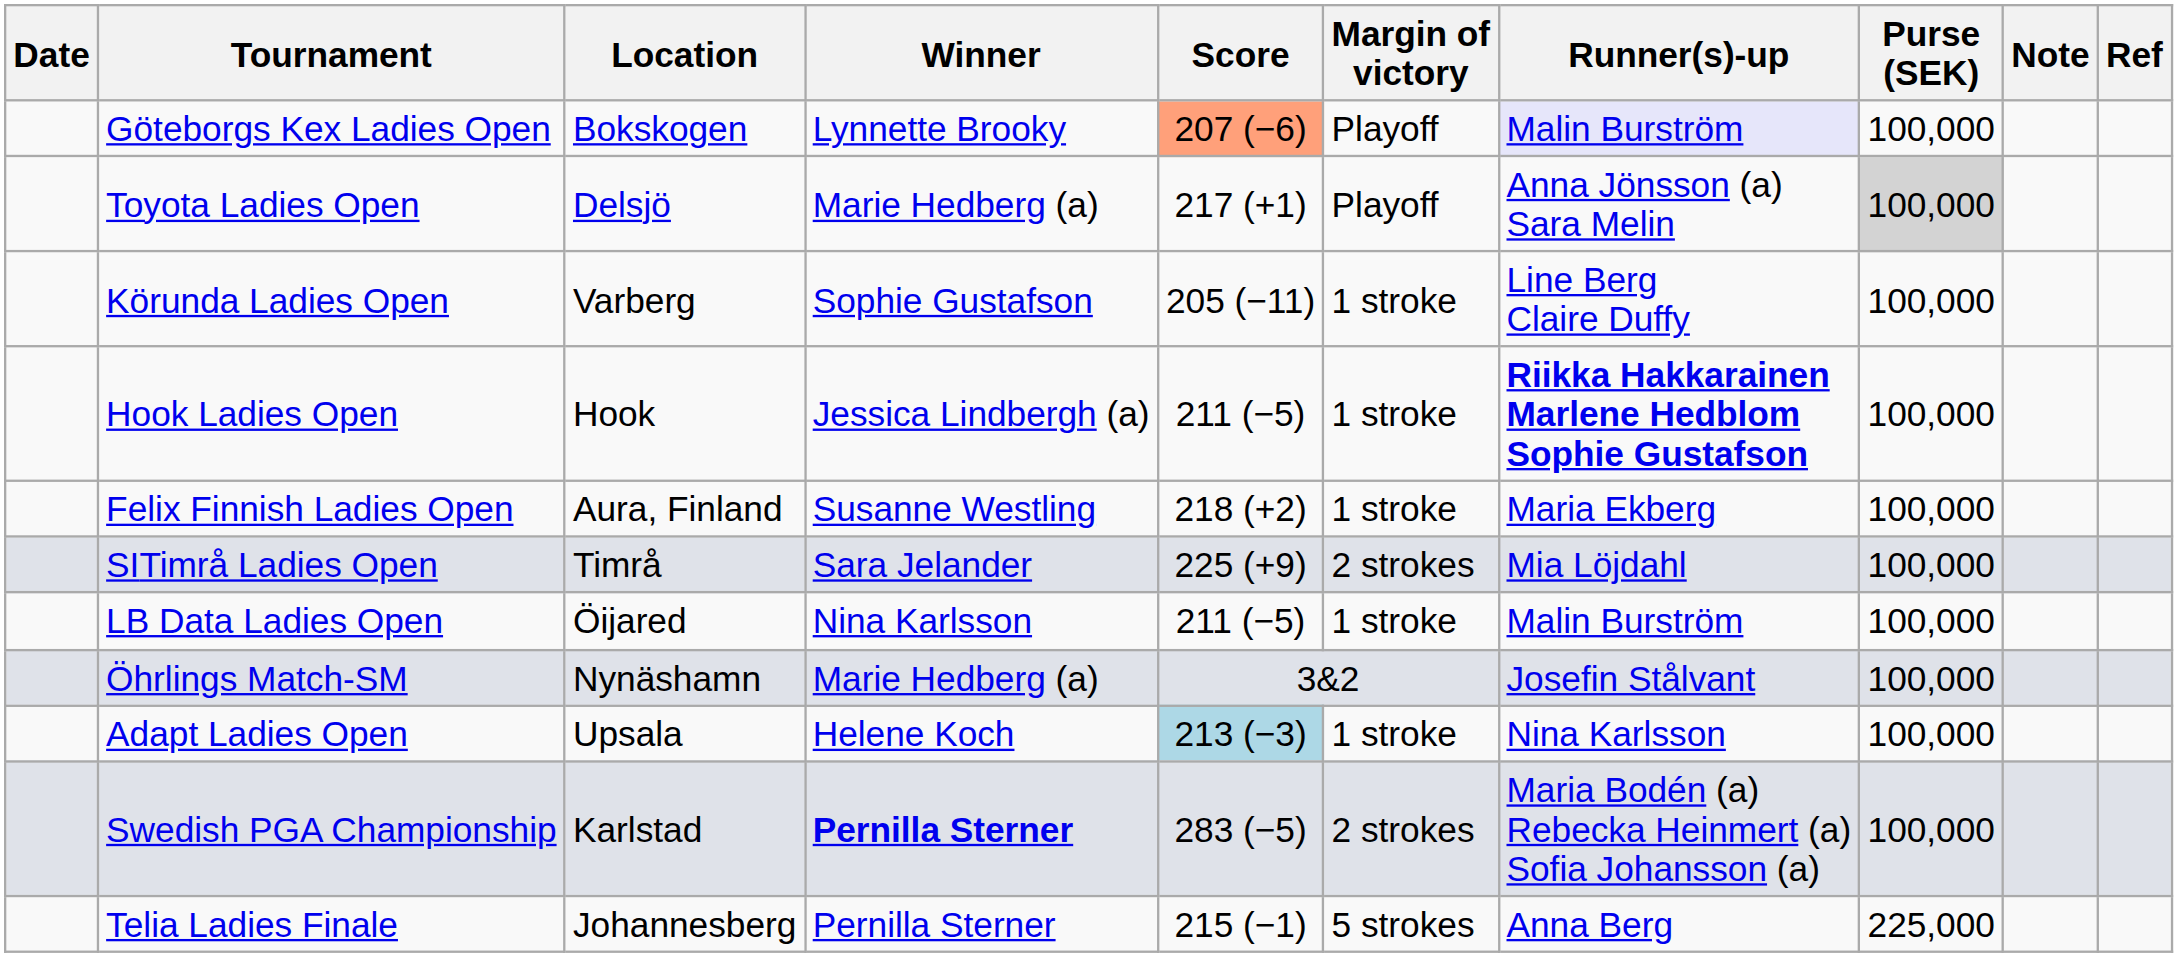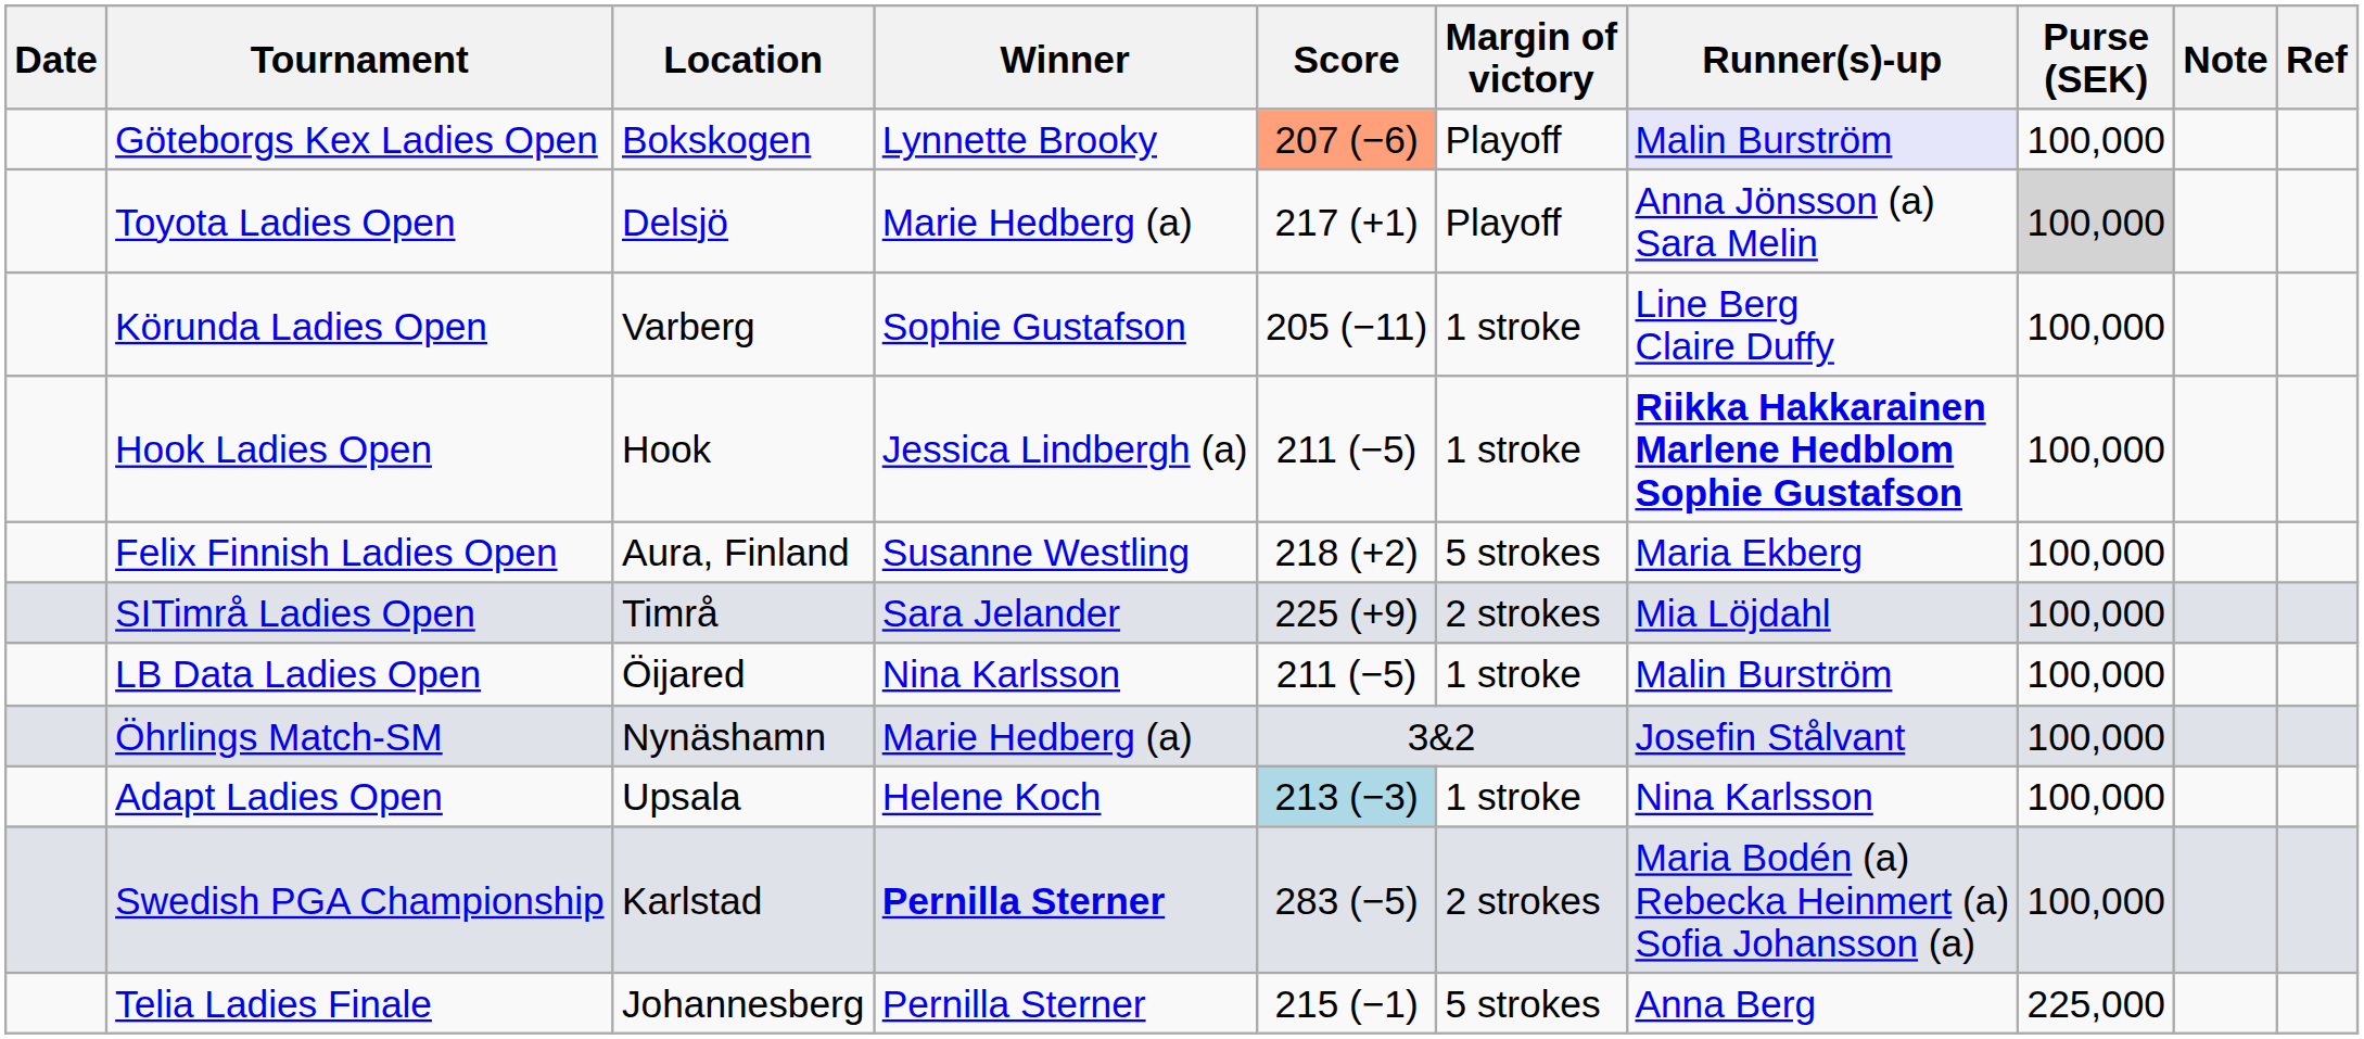 <table class="wikitable" style="font-size:95%;">
 <tr>
 <th>Date</th>
 <th>Tournament</th>
 <th>Location</th>
 <th>Winner</th>
 <th>Score</th>
 <th>Margin of<br>victory</th>
 <th>Runner(s)-up</th>
 <th>Purse<br>(SEK)</th>
 <th>Note</th>
 <th>Ref</th>
 </tr>
 <tr>
 <td></td>
 <td><a href='#'>Göteborgs Kex Ladies Open</a></td>
 <td><a href='#'>Bokskogen</a></td>
 <td> <a href='#'>Lynnette Brooky</a></td>
 <td align=center style="background: lightsalmon;">207 (−6)</td>
 <td>Playoff</td>
 <td style="background: lavender;"> <a href='#'>Malin Burström</a></td>
 <td align=right>100,000</td>
 <td></td>
 <td></td>
 </tr>
 <tr>
 <td></td>
 <td><a href='#'>Toyota Ladies Open</a></td>
 <td><a href='#'>Delsjö</a></td>
 <td> <a href='#'>Marie Hedberg</a> (a)</td>
 <td align=center>217 (+1)</td>
 <td>Playoff</td>
 <td> <a href='#'>Anna Jönsson</a> (a)<br> <a href='#'>Sara Melin</a></td>
 <td align=right style="background: lightgrey;">100,000</td>
 <td></td>
 <td></td>
 </tr>
 <tr>
 <td></td>
 <td><a href='#'>Körunda Ladies Open</a></td>
 <td>Varberg</td>
 <td> <a href='#'>Sophie Gustafson</a></td>
 <td align=center>205 (−11)</td>
 <td>1 stroke</td>
 <td> <a href='#'>Line Berg</a><br> <a href='#'>Claire Duffy</a></td>
 <td align=right>100,000</td>
 <td></td>
 <td></td>
 </tr>
 <tr>
 <td></td>
 <td><a href='#'>Hook Ladies Open</a></td>
 <td>Hook</td>
 <td> <a href='#'>Jessica Lindbergh</a> (a)</td>
 <td align=center>211 (−5)</td>
 <td>1 stroke</td>
 <td><strong> <a href='#'>Riikka Hakkarainen</a><br> <a href='#'>Marlene Hedblom</a><br> <a href='#'>Sophie Gustafson</a></strong></td>
 <td align=right>100,000</td>
 <td></td>
 <td></td>
 </tr>
 <tr>
 <td></td>
 <td><a href='#'>Felix Finnish Ladies Open</a></td>
 <td>Aura, Finland</td>
 <td> <a href='#'>Susanne Westling</a></td>
 <td align=center>218 (+2)</td>
-<td>1 stroke</td>
+<td>5 strokes</td>
 <td> <a href='#'>Maria Ekberg</a></td>
 <td align=right>100,000</td>
 <td></td>
 <td></td>
 </tr>
 <tr style="background:#dfe2e9;">
 <td></td>
 <td><a href='#'>SI</a><a href='#'>Timrå Ladies Open</a></td>
 <td>Timrå</td>
 <td> <a href='#'>Sara Jelander</a></td>
 <td align=center>225 (+9)</td>
 <td>2 strokes</td>
 <td> <a href='#'>Mia Löjdahl</a></td>
 <td align=right>100,000</td>
 <td></td>
 <td></td>
 </tr>
 <tr>
 <td></td>
 <td><a href='#'>LB Data Ladies Open</a></td>
 <td>Öijared</td>
 <td> <a href='#'>Nina Karlsson</a></td>
 <td align=center>211 (−5)</td>
 <td>1 stroke</td>
 <td> <a href='#'>Malin Burström</a></td>
 <td align=right>100,000</td>
 <td></td>
 <td></td>
 </tr>
 <tr style="background:#dfe2e9;">
 <td></td>
 <td><a href='#'>Öhrlings Match-SM</a></td>
 <td>Nynäshamn</td>
 <td> <a href='#'>Marie Hedberg</a> (a)</td>
 <td colspan=2 align=center>3&2</td>
 <td> <a href='#'>Josefin Stålvant</a></td>
 <td align=right>100,000</td>
 <td></td>
 <td></td>
 </tr>
 <tr>
 <td></td>
 <td><a href='#'>Adapt Ladies Open</a></td>
 <td>Upsala</td>
 <td> <a href='#'>Helene Koch</a></td>
 <td align=center style="background: lightblue;">213 (−3)</td>
 <td>1 stroke</td>
 <td> <a href='#'>Nina Karlsson</a></td>
 <td align=right>100,000</td>
 <td></td>
 <td></td>
 </tr>
 <tr style="background:#dfe2e9;">
 <td></td>
 <td><a href='#'>Swedish PGA Championship</a></td>
 <td>Karlstad</td>
 <td><strong> <a href='#'>Pernilla Sterner</a></strong></td>
 <td align=center>283 (−5)</td>
 <td>2 strokes</td>
 <td> <a href='#'>Maria Bodén</a> (a)<br> <a href='#'>Rebecka Heinmert</a> (a)<br> <a href='#'>Sofia Johansson</a> (a)</td>
 <td align=right>100,000</td>
 <td></td>
 <td></td>
 </tr>
 <tr>
 <td></td>
 <td><a href='#'>Telia Ladies Finale</a></td>
 <td>Johannesberg</td>
 <td> <a href='#'>Pernilla Sterner</a></td>
 <td align=center>215 (−1)</td>
 <td>5 strokes</td>
 <td> <a href='#'>Anna Berg</a></td>
 <td align=right>225,000</td>
 <td></td>
 <td></td>
 </tr>
 </table>
